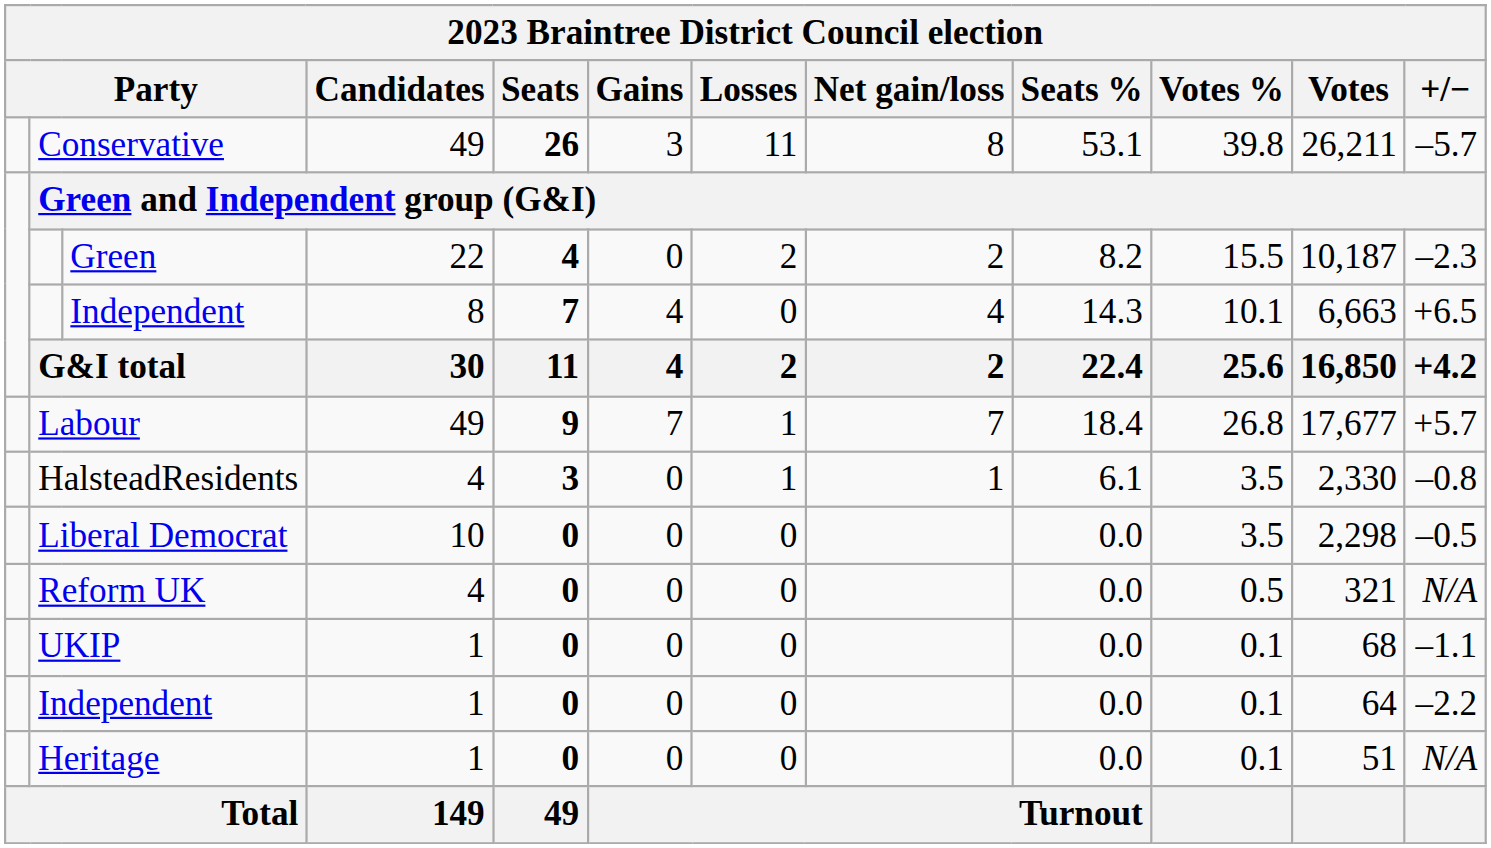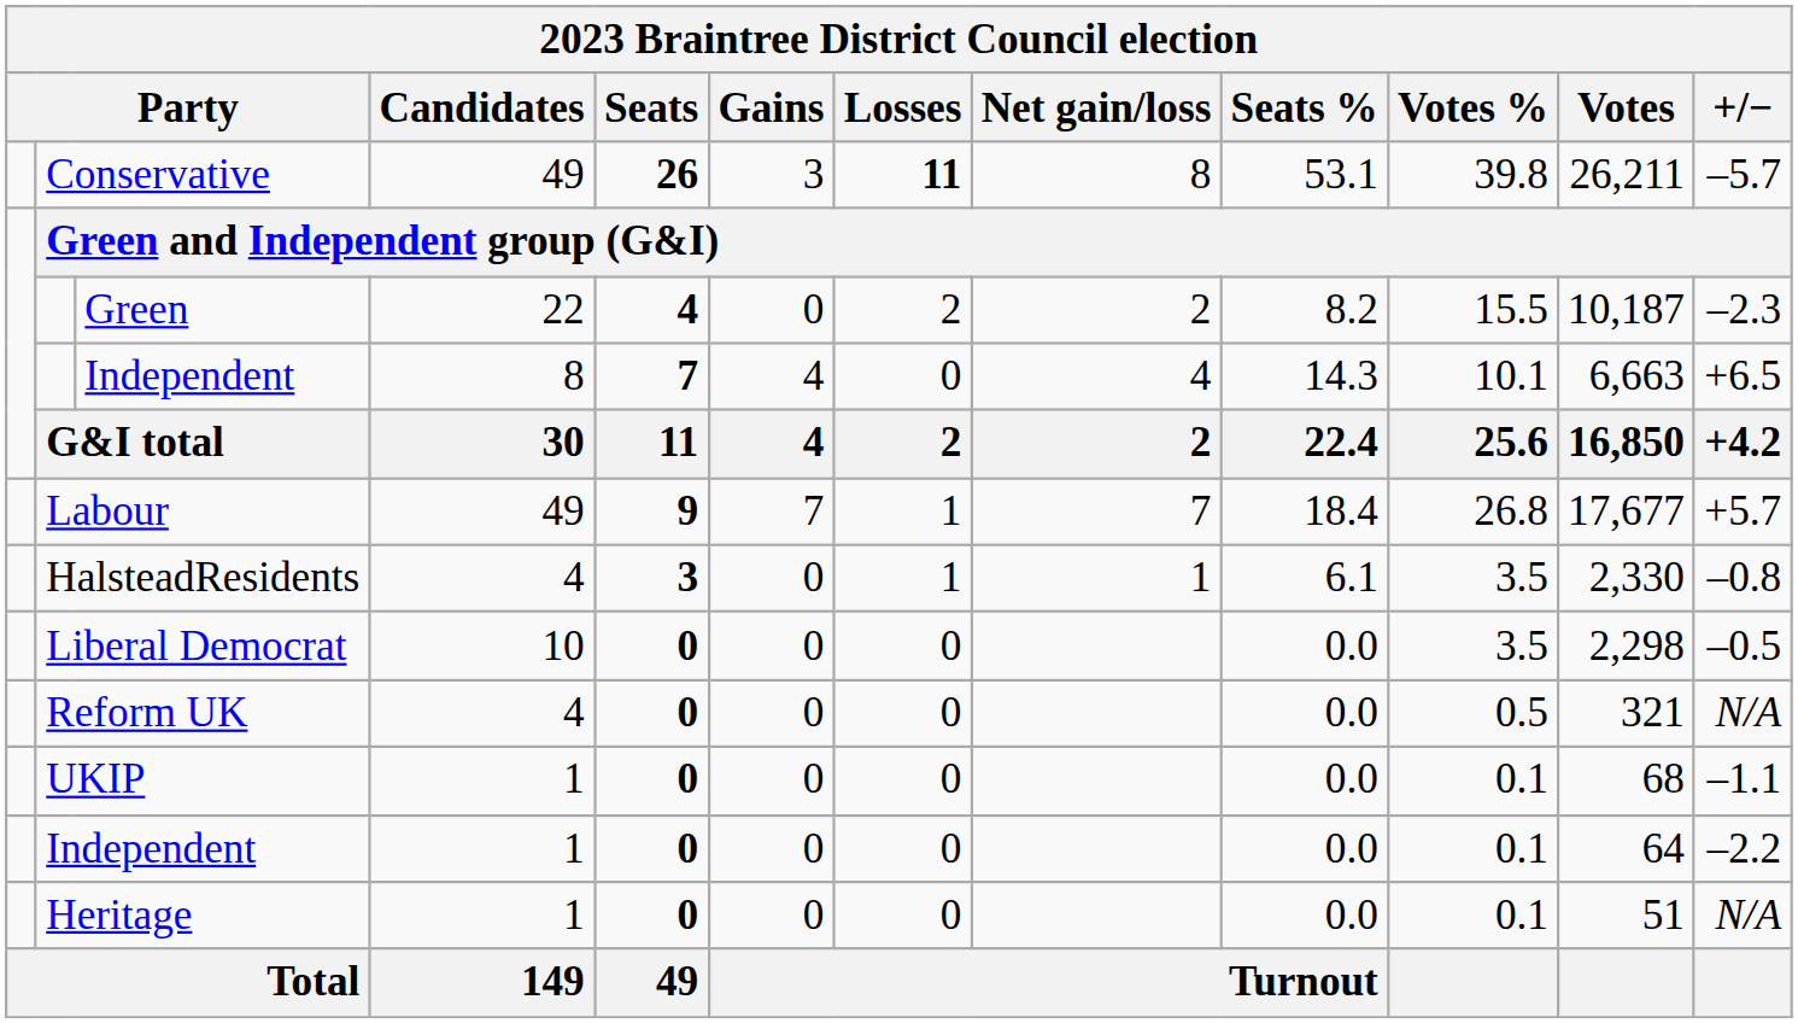 <table class="wikitable">
 <tr>
 <th colspan="12">2023 Braintree District Council election</th>
 </tr>
 <tr>
 <th colspan="3">Party</th>
 <th>Candidates</th>
 <th>Seats</th>
 <th>Gains</th>
 <th>Losses</th>
 <th>Net gain/loss</th>
 <th>Seats %</th>
 <th>Votes %</th>
 <th>Votes</th>
 <th>+/−</th>
 </tr>
 <tr>
 <td style="background-color: "> </td>
 <td colspan="2"><a href='#'>Conservative</a></td>
 <td style="text-align: right">49</td>
 <td style="text-align: right"><strong>26</strong></td>
 <td style="text-align: right">3</td>
-<td style="text-align: right">11</td>
+<td style="text-align: right"><strong>11</strong></td>
 <td style="text-align: right"> 8</td>
 <td style="text-align: right">53.1</td>
 <td style="text-align: right">39.8</td>
 <td style="text-align: right">26,211</td>
 <td style="text-align: right">–5.7</td>
 </tr>
 <tr>
 <td rowspan="4"></td>
 <th colspan="11" style="text-align: left"><a href='#'>Green</a> and <a href='#'>Independent</a> group (G&I)</th>
 </tr>
 <tr>
 <td style="background-color: "> </td>
 <td><a href='#'>Green</a></td>
 <td style="text-align: right">22</td>
 <td style="text-align: right"><strong>4</strong></td>
 <td style="text-align: right">0</td>
 <td style="text-align: right">2</td>
 <td style="text-align: right"> 2</td>
 <td style="text-align: right">8.2</td>
 <td style="text-align: right">15.5</td>
 <td style="text-align: right">10,187</td>
 <td style="text-align: right">–2.3</td>
 </tr>
 <tr>
 <td style="background-color: "> </td>
 <td><a href='#'>Independent</a></td>
 <td style="text-align: right">8</td>
 <td style="text-align: right"><strong>7</strong></td>
 <td style="text-align: right">4</td>
 <td style="text-align: right">0</td>
 <td style="text-align: right"> 4</td>
 <td style="text-align: right">14.3</td>
 <td style="text-align: right">10.1</td>
 <td style="text-align: right">6,663</td>
 <td style="text-align: right">+6.5</td>
 </tr>
 <tr>
 <th colspan="2" style="text-align: left">G&I total</th>
 <th style="text-align: right">30</th>
 <th style="text-align: right"><strong>11</strong></th>
 <th style="text-align: right">4</th>
 <th style="text-align: right">2</th>
 <th style="text-align: right"> 2</th>
 <th style="text-align: right">22.4</th>
 <th style="text-align: right">25.6</th>
 <th style="text-align: right">16,850</th>
 <th style="text-align: right">+4.2</th>
 </tr>
 <tr>
 <td style="background-color: "> </td>
 <td colspan="2"><a href='#'>Labour</a></td>
 <td style="text-align: right">49</td>
 <td style="text-align: right"><strong>9</strong></td>
 <td style="text-align: right">7</td>
 <td style="text-align: right">1</td>
 <td style="text-align: right"> 7</td>
 <td style="text-align: right">18.4</td>
 <td style="text-align: right">26.8</td>
 <td style="text-align: right">17,677</td>
 <td style="text-align: right">+5.7</td>
 </tr>
 <tr>
 <td style="background-color: "> </td>
 <td colspan="2">HalsteadResidents</td>
 <td style="text-align: right">4</td>
 <td style="text-align: right"><strong>3</strong></td>
 <td style="text-align: right">0</td>
 <td style="text-align: right">1</td>
 <td style="text-align: right"> 1</td>
 <td style="text-align: right">6.1</td>
 <td style="text-align: right">3.5</td>
 <td style="text-align: right">2,330</td>
 <td style="text-align: right">–0.8</td>
 </tr>
 <tr>
 <td style="background-color: "> </td>
 <td colspan="2"><a href='#'>Liberal Democrat</a></td>
 <td style="text-align: right">10</td>
 <td style="text-align: right"><strong>0</strong></td>
 <td style="text-align: right">0</td>
 <td style="text-align: right">0</td>
 <td style="text-align: right"></td>
 <td style="text-align: right">0.0</td>
 <td style="text-align: right">3.5</td>
 <td style="text-align: right">2,298</td>
 <td style="text-align: right">–0.5</td>
 </tr>
 <tr>
 <td style="background-color: "> </td>
 <td colspan="2"><a href='#'>Reform UK</a></td>
 <td style="text-align: right">4</td>
 <td style="text-align: right"><strong>0</strong></td>
 <td style="text-align: right">0</td>
 <td style="text-align: right">0</td>
 <td style="text-align: right"></td>
 <td style="text-align: right">0.0</td>
 <td style="text-align: right">0.5</td>
 <td style="text-align: right">321</td>
 <td style="text-align: right"><em>N/A</em></td>
 </tr>
 <tr>
 <td style="background-color: "> </td>
 <td colspan="2"><a href='#'>UKIP</a></td>
 <td style="text-align: right">1</td>
 <td style="text-align: right"><strong>0</strong></td>
 <td style="text-align: right">0</td>
 <td style="text-align: right">0</td>
 <td style="text-align: right"></td>
 <td style="text-align: right">0.0</td>
 <td style="text-align: right">0.1</td>
 <td style="text-align: right">68</td>
 <td style="text-align: right">–1.1</td>
 </tr>
 <tr>
 <td style="background-color: "> </td>
 <td colspan="2"><a href='#'>Independent</a></td>
 <td style="text-align: right">1</td>
 <td style="text-align: right"><strong>0</strong></td>
 <td style="text-align: right">0</td>
 <td style="text-align: right">0</td>
 <td style="text-align: right"></td>
 <td style="text-align: right">0.0</td>
 <td style="text-align: right">0.1</td>
 <td style="text-align: right">64</td>
 <td style="text-align: right">–2.2</td>
 </tr>
 <tr>
 <td style="background-color: "> </td>
 <td colspan="2"><a href='#'>Heritage</a></td>
 <td style="text-align: right">1</td>
 <td style="text-align: right"><strong>0</strong></td>
 <td style="text-align: right">0</td>
 <td style="text-align: right">0</td>
 <td style="text-align: right"></td>
 <td style="text-align: right">0.0</td>
 <td style="text-align: right">0.1</td>
 <td style="text-align: right">51</td>
 <td style="text-align: right"><em>N/A</em></td>
 </tr>
 <tr>
 <th colspan="3" style="text-align: right">Total</th>
 <th style="text-align: right">149</th>
 <th style="text-align: right">49</th>
 <th colspan="4" style="text-align: right">Turnout</th>
 <th style="text-align: right"></th>
 <th style="text-align: right"></th>
 <th></th>
 </tr>
 </table>
